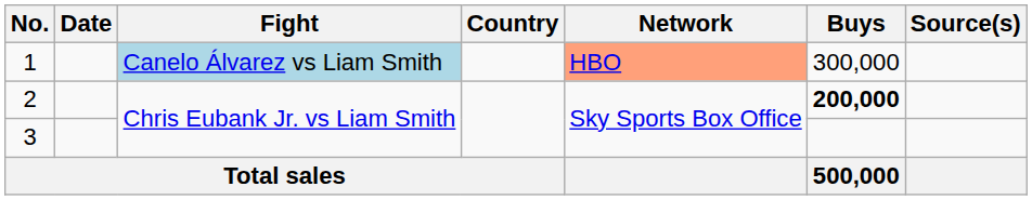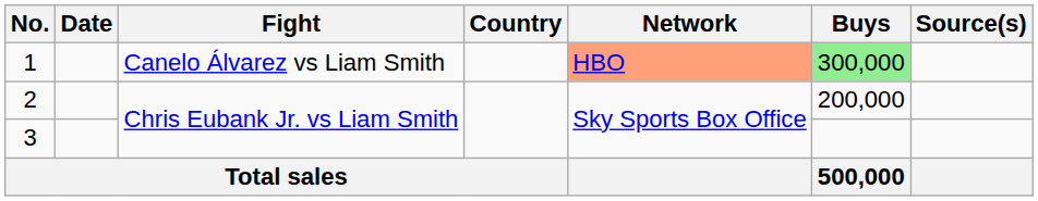 <table class="wikitable sortable">
 <tr>
 <th>No.</th>
 <th>Date</th>
 <th>Fight</th>
 <th>Country</th>
 <th>Network</th>
 <th>Buys</th>
 <th class="unsortable">Source(s)</th>
 </tr>
 <tr>
 <td align=center>1</td>
 <td></td>
-<td style="background: lightblue;"><a href='#'>Canelo Álvarez</a> vs Liam Smith</td>
+<td><a href='#'>Canelo Álvarez</a> vs Liam Smith</td>
 <td></td>
 <td style="background: lightsalmon;"><a href='#'>HBO</a></td>
-<td>300,000</td>
+<td style="background: lightgreen;">300,000</td>
 <td></td>
 </tr>
 <tr>
 <td align=center>2</td>
 <td></td>
 <td rowspan=2><a href='#'>Chris Eubank Jr. vs Liam Smith</a></td>
 <td rowspan=2></td>
 <td rowspan=2><a href='#'>Sky Sports Box Office</a></td>
-<td><strong>200,000</strong></td>
+<td>200,000</td>
 <td></td>
 </tr>
 <tr>
 <td align=center>3</td>
 <td></td>
 <td></td>
 <td></td>
 </tr>
 <tr>
 <th colspan="4">Total sales</th>
 <th></th>
 <th>500,000</th>
 <th></th>
 </tr>
 </table>
